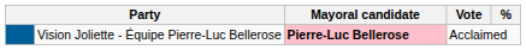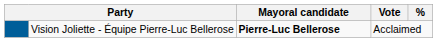 <table class="wikitable">
 <tr>
 <th bgcolor="#DDDDFF" width="230px" colspan="2">Party</th>
 <th bgcolor="#DDDDFF" width="200px">Mayoral candidate</th>
 <th bgcolor="#DDDDFF" width="50px">Vote</th>
 <th bgcolor="#DDDDFF" width="30px">%</th>
 </tr>
 <tr>
 <td bgcolor=#005e99 width="30px"> </td>
 <td>Vision Joliette - Équipe Pierre-Luc Bellerose</td>
-<td style="background: pink;"><strong>Pierre-Luc Bellerose</strong></td>
+<td><strong>Pierre-Luc Bellerose</strong></td>
 <td colspan="2">Acclaimed</td>
 </tr>
 </table>
